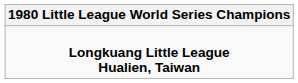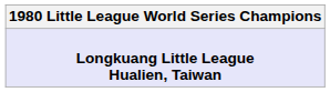 <table class="wikitable" style="text-align: center; margin: 0 auto;">
 <tr>
 <th>1980 Little League World Series Champions</th>
 </tr>
 <tr>
-<td><br><strong>Longkuang Little League</strong><br><strong>Hualien, Taiwan</strong></td>
+<td style="background: lavender;"><br><strong>Longkuang Little League</strong><br><strong>Hualien, Taiwan</strong></td>
 </tr>
 </table>
